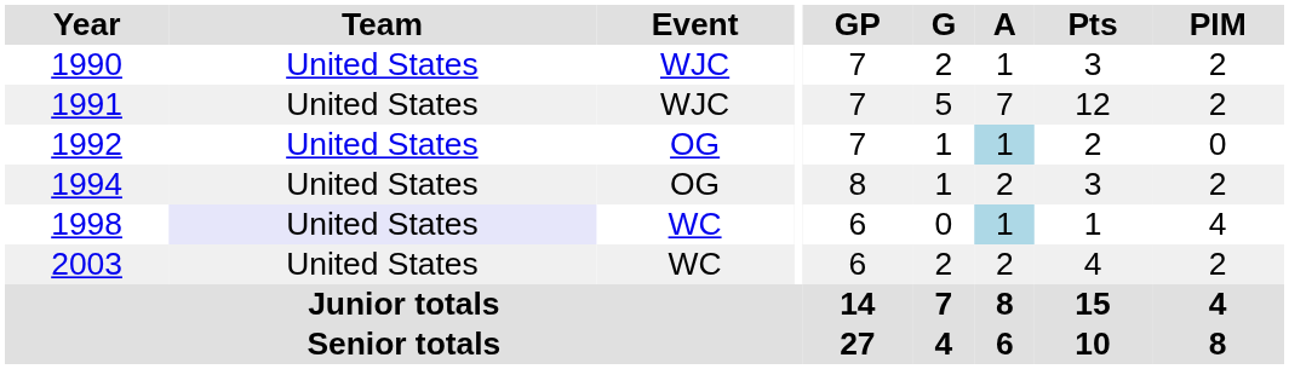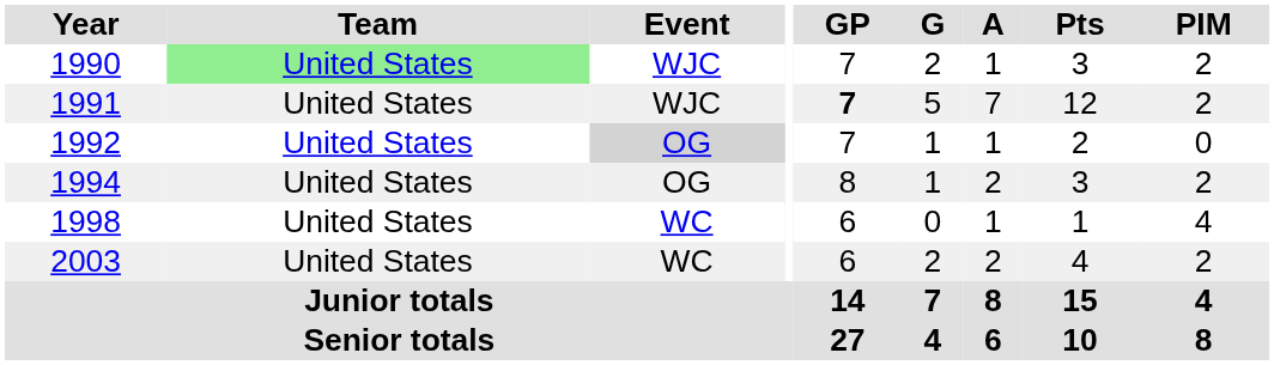 <table border="0" cellpadding="1" cellspacing="0" ID="Table3" style="text-align:center; width:40em">
 <tr bgcolor="#e0e0e0">
 <th>Year</th>
 <th>Team</th>
 <th>Event</th>
 <th rowspan="102" bgcolor="#ffffff"></th>
 <th>GP</th>
 <th>G</th>
 <th>A</th>
 <th>Pts</th>
 <th>PIM</th>
 </tr>
 <tr>
 <td><a href='#'>1990</a></td>
-<td><a href='#'>United States</a></td>
+<td style="background: lightgreen;"><a href='#'>United States</a></td>
 <td><a href='#'>WJC</a></td>
 <td>7</td>
 <td>2</td>
 <td>1</td>
 <td>3</td>
 <td>2</td>
 </tr>
 <tr bgcolor="#f0f0f0">
 <td><a href='#'>1991</a></td>
 <td>United States</td>
 <td>WJC</td>
-<td>7</td>
+<td><strong>7</strong></td>
 <td>5</td>
 <td>7</td>
 <td>12</td>
 <td>2</td>
 </tr>
 <tr>
 <td><a href='#'>1992</a></td>
 <td><a href='#'>United States</a></td>
-<td><a href='#'>OG</a></td>
+<td style="background: lightgrey;"><a href='#'>OG</a></td>
 <td>7</td>
 <td>1</td>
-<td style="background: lightblue;">1</td>
+<td>1</td>
 <td>2</td>
 <td>0</td>
 </tr>
 <tr bgcolor="#f0f0f0">
 <td><a href='#'>1994</a></td>
 <td>United States</td>
 <td>OG</td>
 <td>8</td>
 <td>1</td>
 <td>2</td>
 <td>3</td>
 <td>2</td>
 </tr>
 <tr>
 <td><a href='#'>1998</a></td>
-<td style="background: lavender;">United States</td>
+<td>United States</td>
 <td><a href='#'>WC</a></td>
 <td>6</td>
 <td>0</td>
-<td style="background: lightblue;">1</td>
+<td>1</td>
 <td>1</td>
 <td>4</td>
 </tr>
 <tr bgcolor="#f0f0f0">
 <td><a href='#'>2003</a></td>
 <td>United States</td>
 <td>WC</td>
 <td>6</td>
 <td>2</td>
 <td>2</td>
 <td>4</td>
 <td>2</td>
 </tr>
 <tr bgcolor="#e0e0e0">
 <th colspan="4">Junior totals</th>
 <th>14</th>
 <th>7</th>
 <th>8</th>
 <th>15</th>
 <th>4</th>
 </tr>
 <tr bgcolor="#e0e0e0">
 <th colspan="4">Senior totals</th>
 <th>27</th>
 <th>4</th>
 <th>6</th>
 <th>10</th>
 <th>8</th>
 </tr>
 </table>
